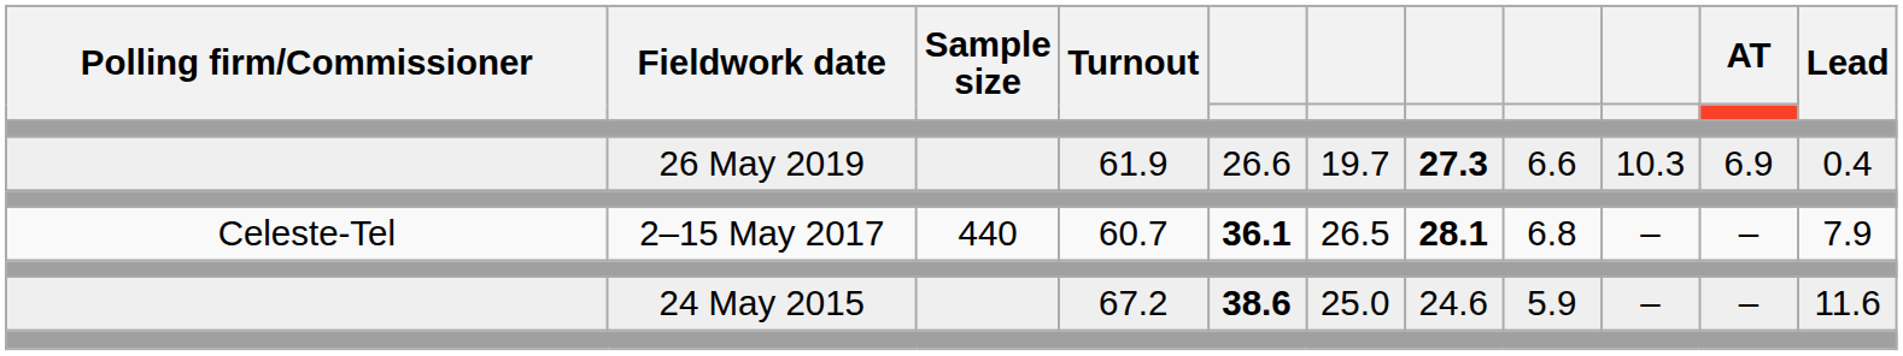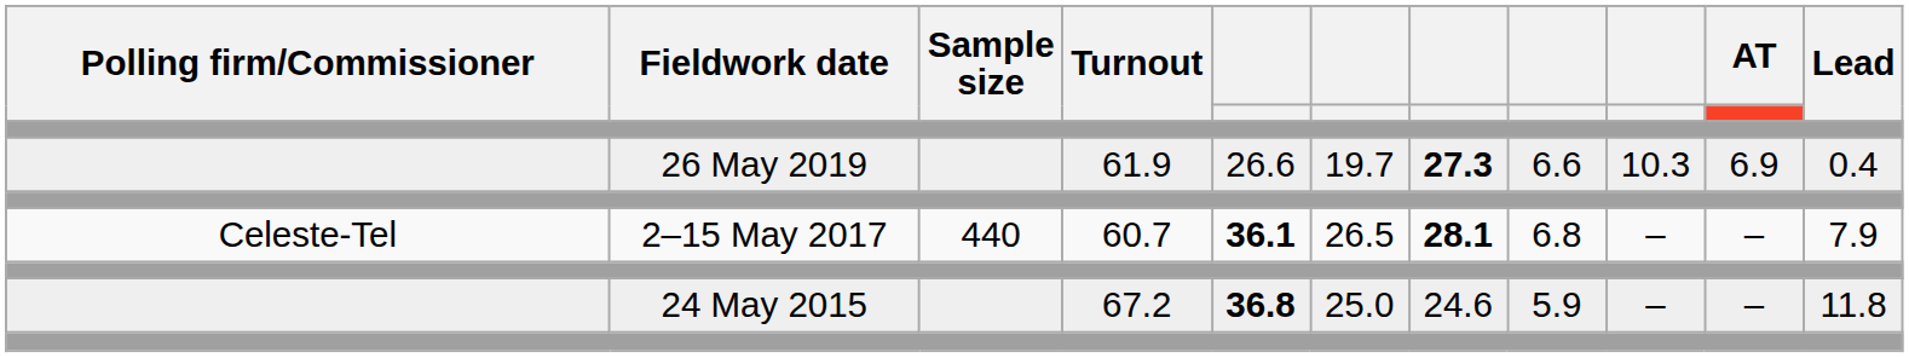 <table class="wikitable collapsible collapsed" style="text-align:center; font-size:95%; line-height:16px;">
 <tr style="height:42px;">
 <th style="width:250px;" rowspan="2">Polling firm/Commissioner</th>
 <th style="width:125px;" rowspan="2">Fieldwork date</th>
 <th style="width:50px;" rowspan="2">Sample size</th>
 <th style="width:45px;" rowspan="2">Turnout</th>
 <th style="width:35px;"></th>
 <th style="width:35px;"></th>
 <th style="width:35px;"></th>
 <th style="width:35px;"></th>
 <th style="width:35px;"></th>
 <th style="width:35px;">AT</th>
 <th style="width:30px;" rowspan="2">Lead</th>
 </tr>
 <tr>
 <th style="color:inherit;background:"></th>
 <th style="color:inherit;background:"></th>
 <th style="color:inherit;background:"></th>
 <th style="color:inherit;background:"></th>
 <th style="color:inherit;background:"></th>
 <th style="color:inherit;background:#F94127;"></th>
 </tr>
 <tr>
 <td colspan="11" style="background:#A0A0A0"></td>
 </tr>
 <tr style="background:#EFEFEF;">
 <td><strong></strong></td>
 <td>26 May 2019</td>
 <td></td>
 <td>61.9</td>
 <td>26.6<br></td>
 <td>19.7<br></td>
 <td><strong>27.3</strong><br></td>
 <td>6.6<br></td>
 <td>10.3<br></td>
 <td>6.9<br></td>
 <td style="background:">0.4</td>
 </tr>
 <tr>
 <td colspan="11" style="background:#A0A0A0"></td>
 </tr>
 <tr>
 <td>Celeste-Tel</td>
 <td>2–15 May 2017</td>
 <td>440</td>
 <td>60.7</td>
 <td><strong>36.1</strong><br></td>
 <td>26.5<br></td>
 <td><strong>28.1<br></strong></td>
 <td>6.8<br></td>
 <td>–</td>
 <td>–</td>
 <td style="background:">7.9</td>
 </tr>
 <tr>
 <td colspan="11" style="background:#A0A0A0"></td>
 </tr>
 <tr style="background:#EFEFEF;">
 <td><strong></strong></td>
 <td>24 May 2015</td>
 <td></td>
 <td>67.2</td>
-<td><strong>38.6</strong><br></td>
+<td><strong>36.8</strong><br></td>
 <td>25.0<br></td>
 <td>24.6<br></td>
 <td>5.9<br></td>
 <td>–</td>
 <td>–</td>
-<td style="background:">11.6</td>
+<td style="background:">11.8</td>
 </tr>
 <tr>
 <td colspan="11" style="background:#A0A0A0"></td>
 </tr>
 </table>
